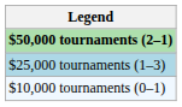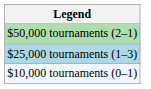 <table class=wikitable style="font-size:85%">
 <tr>
 <th>Legend</th>
 </tr>
 <tr style="background:#addfad;">
-<td><strong>$50,000 tournaments (2–1)</strong></td>
+<td>$50,000 tournaments (2–1)</td>
 </tr>
 <tr style="background:lightblue;">
 <td>$25,000 tournaments (1–3)</td>
 </tr>
 <tr style="background:#f0f8ff;">
 <td>$10,000 tournaments (0–1)</td>
 </tr>
 </table>
